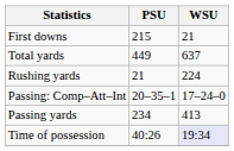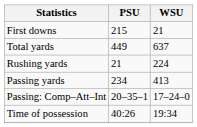 <table class="wikitable" style="float: left;">
 <tr>
 <th>Statistics</th>
 <th>PSU</th>
 <th>WSU</th>
 </tr>
 <tr>
 <td>First downs</td>
 <td>215</td>
 <td>21</td>
 </tr>
 <tr>
 <td>Total yards</td>
 <td>449</td>
 <td>637</td>
 </tr>
 <tr>
 <td>Rushing yards</td>
 <td>21</td>
 <td>224</td>
 </tr>
 <tr>
+<td>Passing yards</td>
+<td>234</td>
+<td>413</td>
+</tr>
+<tr>
 <td>Passing: Comp–Att–Int</td>
 <td>20–35–1</td>
 <td>17–24–0</td>
 </tr>
 <tr>
-<td>Passing yards</td>
-<td>234</td>
-<td>413</td>
-</tr>
-<tr>
 <td>Time of possession</td>
 <td>40:26</td>
-<td style="background: lavender;">19:34</td>
+<td>19:34</td>
 </tr>
 <tr>
 </tr>
 </table>
